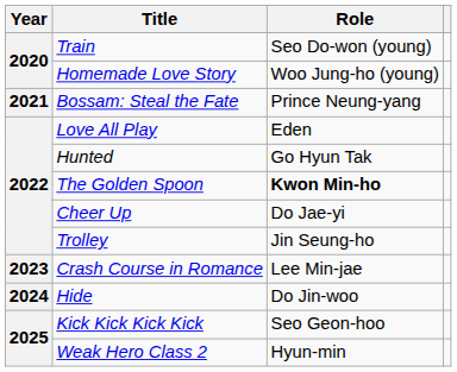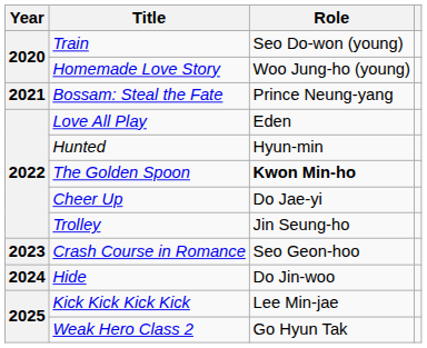 <table class="wikitable plainrowheaders sortable">
 <tr>
 <th scope="col">Year</th>
 <th scope="col">Title</th>
 <th scope="col">Role</th>
 <th scope="col" class="unsortable"></th>
 </tr>
 <tr>
 <th scope="row" rowspan="2">2020</th>
 <td><a href='#'><em>Train</em></a></td>
 <td>Seo Do-won (young)</td>
 <td style="text-align:center"></td>
 </tr>
 <tr>
 <td><em><a href='#'>Homemade Love Story</a></em></td>
 <td>Woo Jung-ho (young)</td>
 <td style="text-align:center"></td>
 </tr>
 <tr>
 <th scope="row">2021</th>
 <td><em><a href='#'>Bossam: Steal the Fate</a></em></td>
 <td>Prince Neung-yang</td>
 <td style="text-align:center"></td>
 </tr>
 <tr>
 <th scope="row" rowspan="5">2022</th>
 <td><a href='#'><em>Love All Play</em></a></td>
 <td>Eden</td>
 <td style="text-align:center"></td>
 </tr>
 <tr>
 <td><em>Hunted</em></td>
-<td>Go Hyun Tak</td>
+<td>Hyun-min</td>
 <td style="text-align:center"></td>
 </tr>
 <tr>
 <td><em><a href='#'>The Golden Spoon</a></em></td>
 <td><strong>Kwon Min-ho</strong></td>
 <td style="text-align:center"></td>
 </tr>
 <tr>
 <td><em><a href='#'>Cheer Up</a></em></td>
 <td>Do Jae-yi</td>
 <td style="text-align:center"></td>
 </tr>
 <tr>
 <td><em><a href='#'>Trolley</a></em></td>
 <td>Jin Seung-ho</td>
 <td style="text-align:center"></td>
 </tr>
 <tr>
 <th scope="row">2023</th>
 <td><em><a href='#'>Crash Course in Romance</a></em></td>
-<td>Lee Min-jae</td>
+<td>Seo Geon-hoo</td>
 <td style="text-align:center"></td>
 </tr>
 <tr>
 <th scope="row">2024</th>
 <td><em><a href='#'>Hide</a></em></td>
 <td>Do Jin-woo</td>
 <td style="text-align:center"></td>
 </tr>
 <tr>
 <th rowspan="2" scope="row">2025</th>
 <td><em><a href='#'>Kick Kick Kick Kick</a></em></td>
-<td>Seo Geon-hoo</td>
+<td>Lee Min-jae</td>
 <td style="text-align:center"></td>
 </tr>
 <tr>
 <td><em><a href='#'>Weak Hero Class 2</a></em></td>
-<td>Hyun-min</td>
+<td>Go Hyun Tak</td>
 <td></td>
 </tr>
 </table>
